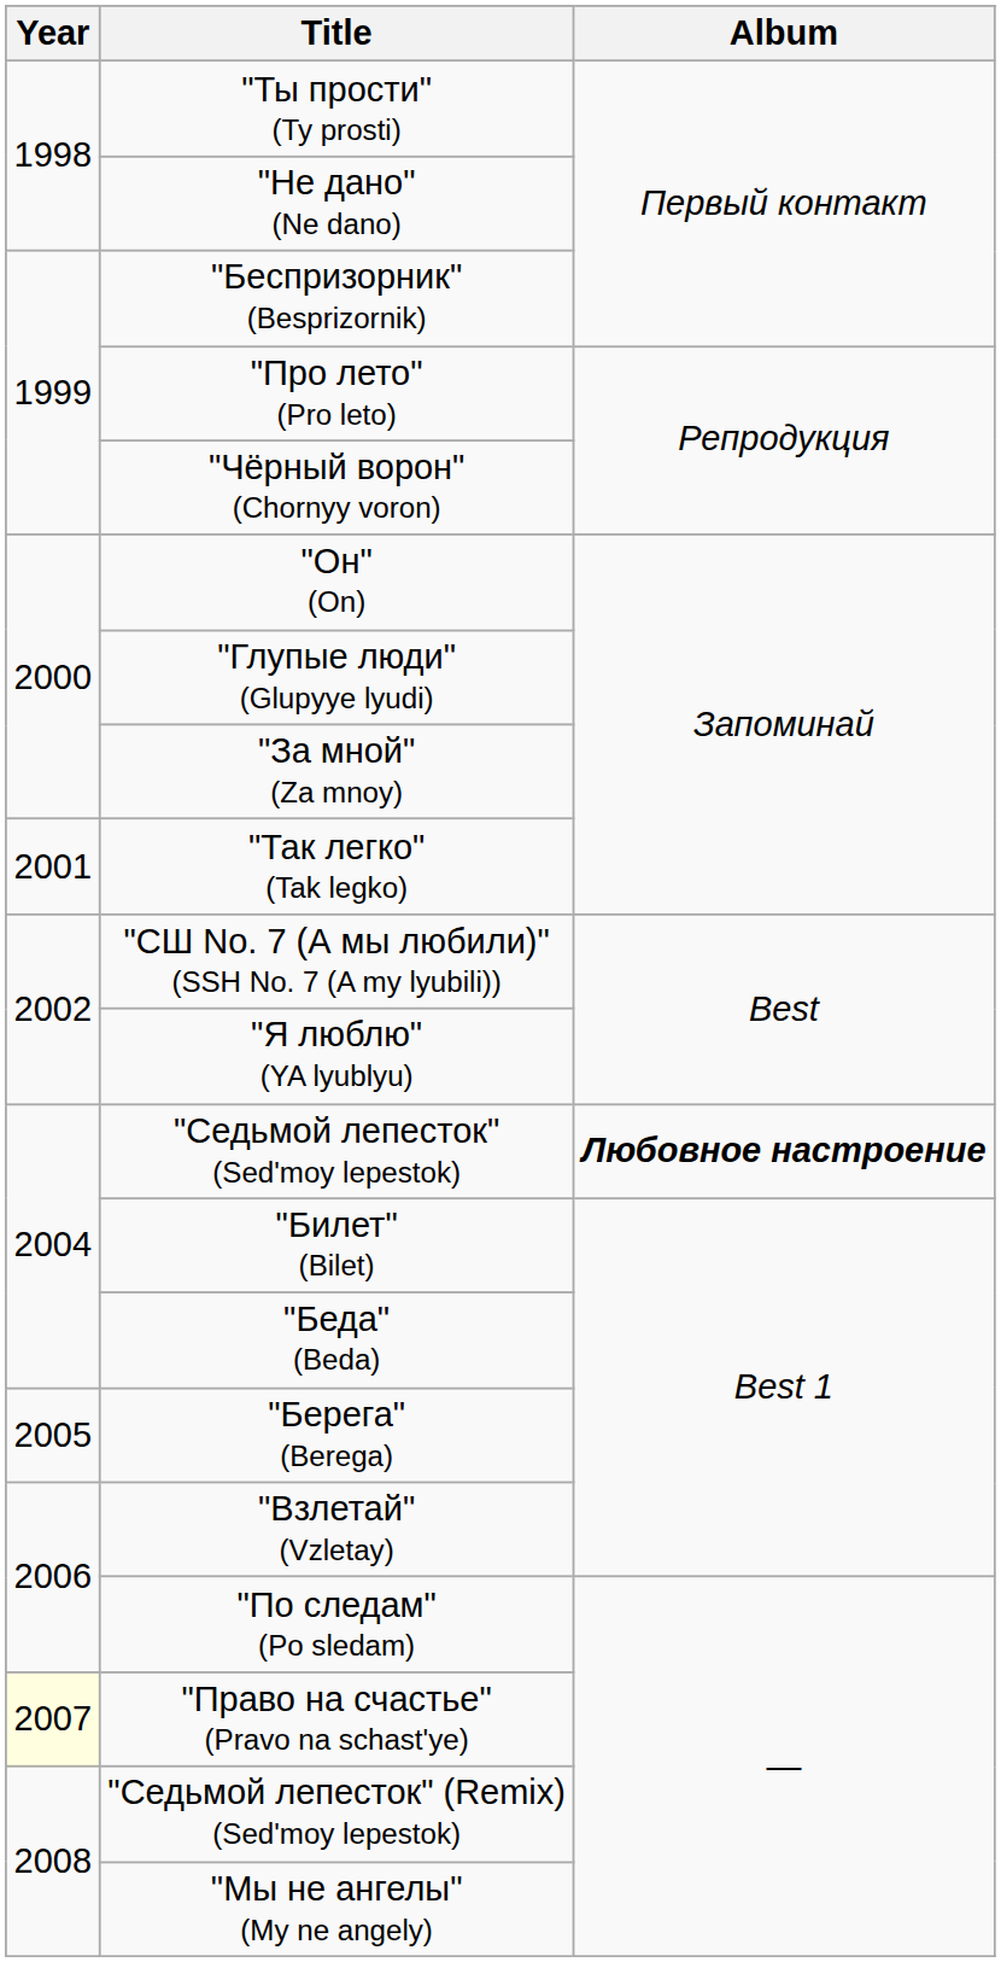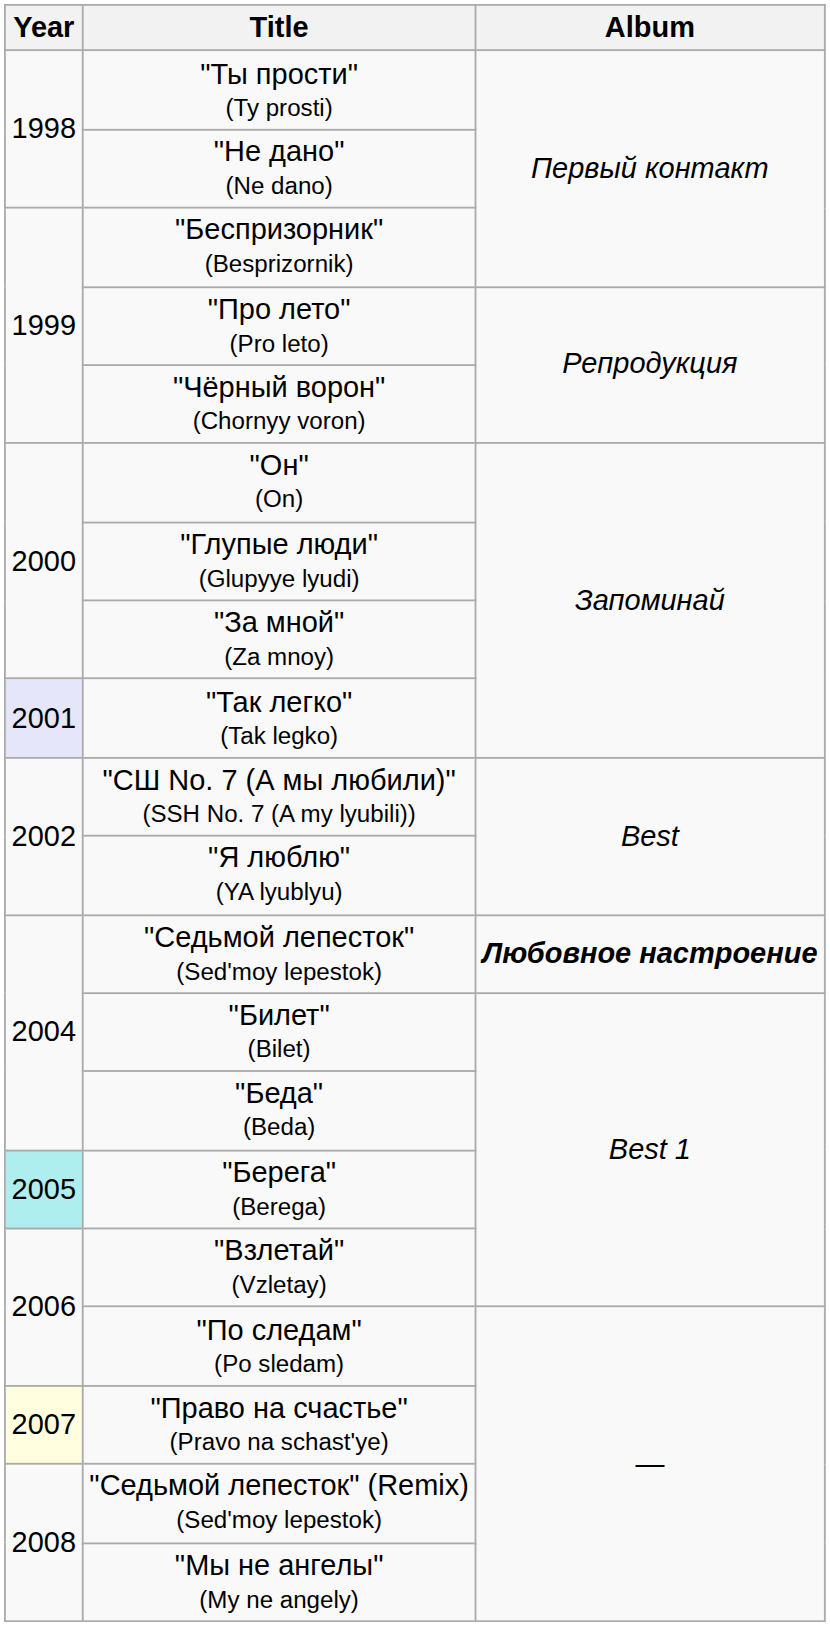 <table class="wikitable">
 <tr>
 <th>Year</th>
 <th>Title</th>
 <th>Album</th>
 </tr>
 <tr>
 <td rowspan=2>1998</td>
 <td align="center">"Ты прости"<br><small>(Ty prosti)</small></td>
 <td align="center" rowspan=3><em>Первый контакт</em></td>
 </tr>
 <tr>
 <td align="center">"Не дано"<br><small>(Ne dano)</small></td>
 </tr>
 <tr>
 <td rowspan=3>1999</td>
 <td align="center">"Беспризорник"<br><small>(Besprizornik)</small></td>
 </tr>
 <tr>
 <td align="center">"Про лето"<br><small>(Pro leto)</small></td>
 <td align="center" rowspan=2><em>Репродукция</em></td>
 </tr>
 <tr>
 <td align="center">"Чёрный ворон"<br><small>(Chornyy voron)</small></td>
 </tr>
 <tr>
 <td rowspan=3>2000</td>
 <td align="center">"Он"<br><small> (On)</small></td>
 <td align="center" rowspan=4><em>Запоминай</em></td>
 </tr>
 <tr>
 <td align="center">"Глупые люди"<br><small>(Glupyye lyudi)</small></td>
 </tr>
 <tr>
 <td align="center">"За мной"<br><small>(Za mnoy)</small></td>
 </tr>
 <tr>
-<td rowspan=1>2001</td>
+<td rowspan=1 style="background: lavender;">2001</td>
 <td align="center">"Так легко"<br><small>(Tak legko)</small></td>
 </tr>
 <tr>
 <td rowspan=2>2002</td>
 <td align="center">"СШ No. 7 (А мы любили)"<br><small>(SSH No. 7 (A my lyubili))</small></td>
 <td align="center" rowspan=2><em>Best</em></td>
 </tr>
 <tr>
 <td align="center">"Я люблю"<br><small>(YA lyublyu)</small></td>
 </tr>
 <tr>
 <td rowspan=3>2004</td>
 <td align="center">"Седьмой лепесток"<br><small>(Sed'moy lepestok)</small></td>
 <td align="center" rowspan=1><strong><em>Любовное настроение</em></strong></td>
 </tr>
 <tr>
 <td align="center">"Билет"<br><small>(Bilet)</small></td>
 <td align="center" rowspan=4><em>Best 1</em></td>
 </tr>
 <tr>
 <td align="center">"Беда"<br><small>(Beda)</small></td>
 </tr>
 <tr>
-<td rowspan=1>2005</td>
+<td rowspan=1 style="background: paleturquoise;">2005</td>
 <td align="center">"Берега"<br><small>(Berega)</small></td>
 </tr>
 <tr>
 <td rowspan=2>2006</td>
 <td align="center">"Взлетай"<br><small>(Vzletay)</small></td>
 </tr>
 <tr>
 <td align="center">"По следам"<br><small>(Po sledam)</small></td>
 <td align="center" rowspan=4>—</td>
 </tr>
 <tr>
 <td rowspan=1 style="background: lightyellow;">2007</td>
 <td align="center">"Право на счастье"<br><small>(Pravo na schast'ye)</small></td>
 </tr>
 <tr>
 <td rowspan=2>2008</td>
 <td align="center">"Седьмой лепесток" (Remix)<br><small>(Sed'moy lepestok)</small></td>
 </tr>
 <tr>
 <td align="center">"Мы не ангелы"<br><small>(My ne angely)</small></td>
 </tr>
 </table>
